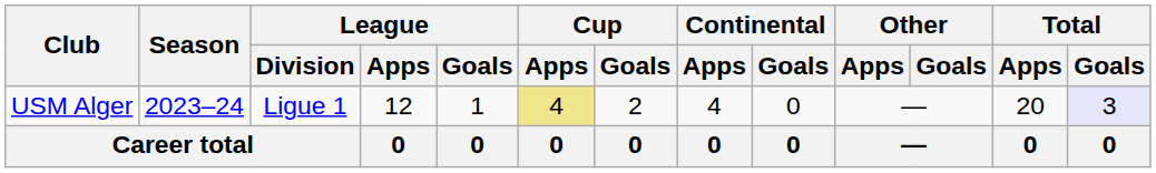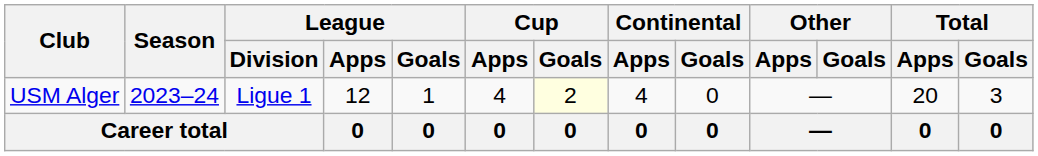 <table class="wikitable" style="text-align:center">
 <tr>
 <th rowspan="2">Club</th>
 <th rowspan="2">Season</th>
 <th colspan="3">League</th>
 <th colspan="2">Cup</th>
 <th colspan="2">Continental</th>
 <th colspan="2">Other</th>
 <th colspan="2">Total</th>
 </tr>
 <tr>
 <th>Division</th>
 <th>Apps</th>
 <th>Goals</th>
 <th>Apps</th>
 <th>Goals</th>
 <th>Apps</th>
 <th>Goals</th>
 <th>Apps</th>
 <th>Goals</th>
 <th>Apps</th>
 <th>Goals</th>
 </tr>
 <tr>
 <td valign="center"><a href='#'>USM Alger</a></td>
 <td><a href='#'>2023–24</a></td>
 <td><a href='#'>Ligue 1</a></td>
 <td>12</td>
 <td>1</td>
-<td style="background: khaki;">4</td>
-<td>2</td>
+<td>4</td>
+<td style="background: lightyellow;">2</td>
 <td>4</td>
 <td>0</td>
 <td colspan=2>—</td>
 <td>20</td>
-<td style="background: lavender;">3</td>
+<td>3</td>
 </tr>
 <tr>
 <th colspan="3">Career total</th>
 <th>0</th>
 <th>0</th>
 <th>0</th>
 <th>0</th>
 <th>0</th>
 <th>0</th>
 <th colspan=2>—</th>
 <th>0</th>
 <th>0</th>
 </tr>
 </table>
